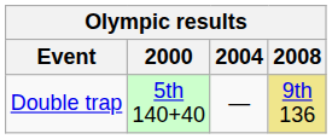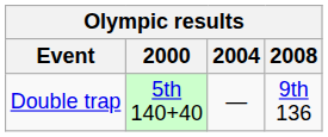 <table class="wikitable" style="text-align: center">
 <tr>
 <th colspan=4>Olympic results</th>
 </tr>
 <tr>
 <th>Event</th>
 <th>2000</th>
 <th>2004</th>
 <th>2008</th>
 </tr>
 <tr>
 <td align=left><a href='#'>Double trap</a></td>
 <td style="background: #ccffcc"><a href='#'>5th</a><br>140+40</td>
 <td>—</td>
-<td style="background: khaki;"><a href='#'>9th</a><br>136</td>
+<td><a href='#'>9th</a><br>136</td>
 </tr>
 </table>
